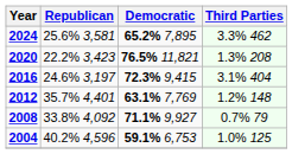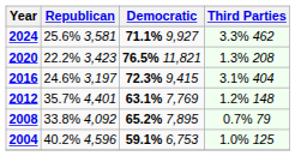 <table class="wikitable" style="float:right; font-size:95%;">
 <tr bgcolor=lightgrey>
 <th>Year</th>
 <th><a href='#'>Republican</a></th>
 <th><a href='#'>Democratic</a></th>
 <th><a href='#'>Third Parties</a></th>
 </tr>
 <tr>
 <td style="text-align:center; "><strong><a href='#'>2024</a></strong></td>
 <td style="text-align:center; ">25.6% <em>3,581</em></td>
-<td style="text-align:center; "><strong>65.2%</strong>  <em>7,895</em></td>
+<td style="text-align:center; "><strong>71.1%</strong>  <em>9,927</em></td>
 <td style="text-align:center; background:honeyDew;">3.3% <em>462</em></td>
 </tr>
 <tr>
 <td style="text-align:center; "><strong><a href='#'>2020</a></strong></td>
 <td style="text-align:center; ">22.2% <em>3,423</em></td>
 <td style="text-align:center; "><strong>76.5%</strong>  <em>11,821</em></td>
 <td style="text-align:center; background:honeyDew;">1.3% <em>208</em></td>
 </tr>
 <tr>
 <td style="text-align:center; "><strong><a href='#'>2016</a></strong></td>
 <td style="text-align:center; ">24.6% <em>3,197</em></td>
 <td style="text-align:center; "><strong>72.3%</strong>  <em>9,415</em></td>
 <td style="text-align:center; background:honeyDew;">3.1% <em>404</em></td>
 </tr>
 <tr>
 <td style="text-align:center; "><strong><a href='#'>2012</a></strong></td>
 <td style="text-align:center; ">35.7% <em>4,401</em></td>
 <td style="text-align:center; "><strong>63.1%</strong>  <em>7,769</em></td>
 <td style="text-align:center; background:honeyDew;">1.2% <em>148</em></td>
 </tr>
 <tr>
 <td style="text-align:center; "><strong><a href='#'>2008</a></strong></td>
 <td style="text-align:center; ">33.8% <em>4,092</em></td>
-<td style="text-align:center; "><strong>71.1%</strong>  <em>9,927</em></td>
+<td style="text-align:center; "><strong>65.2%</strong>  <em>7,895</em></td>
 <td style="text-align:center; background:honeyDew;">0.7% <em>79</em></td>
 </tr>
 <tr>
 <td style="text-align:center; "><strong><a href='#'>2004</a></strong></td>
 <td style="text-align:center; ">40.2% <em>4,596</em></td>
 <td style="text-align:center; "><strong>59.1%</strong>  <em>6,753</em></td>
 <td style="text-align:center; background:honeyDew;">1.0% <em>125</em></td>
 </tr>
 <tr>
 </tr>
 </table>
